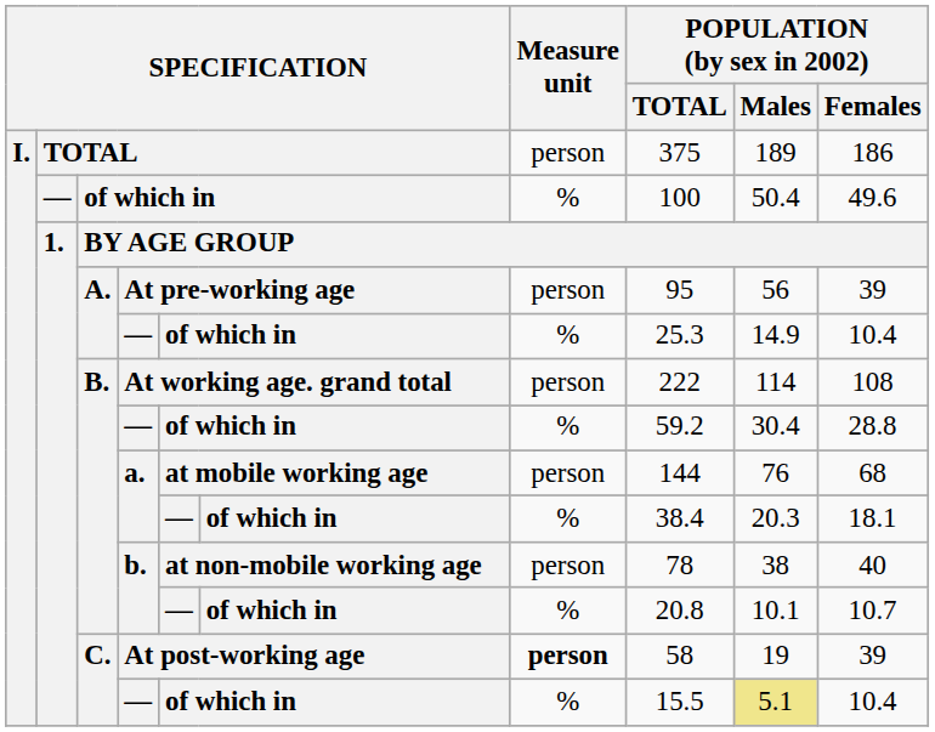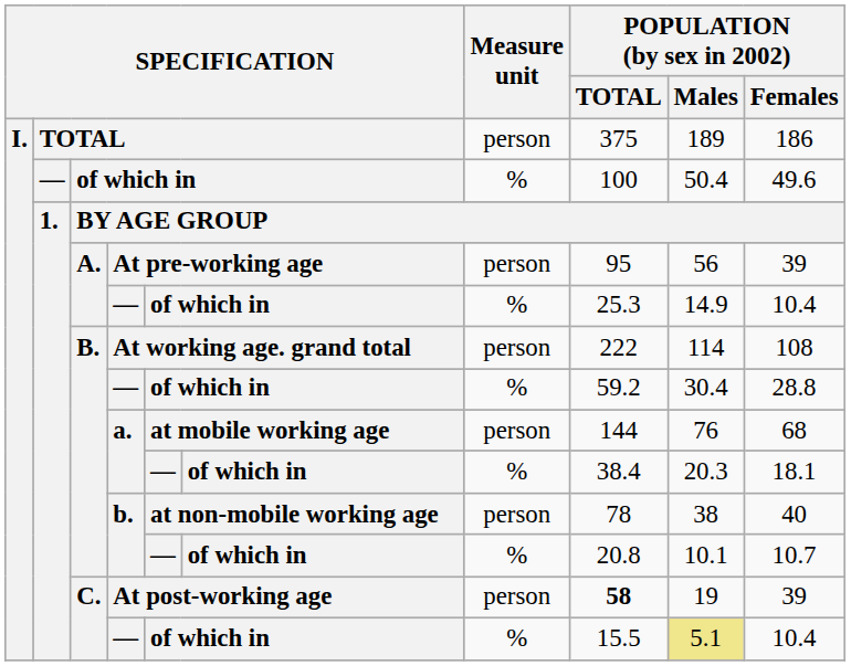 <table class="wikitable" style="font-size:85%; text-align:center">
 <tr>
 <th rowspan="2" colspan="6">SPECIFICATION</th>
 <th rowspan="2">Measure<br> unit</th>
 <th colspan="3" rowspan="1">POPULATION<br> (by sex in 2002)</th>
 </tr>
 <tr>
 <th>TOTAL</th>
 <th>Males</th>
 <th>Females</th>
 </tr>
 <tr>
 <th style="text-align:left" valign="top" rowspan="13">I.</th>
 <th style="text-align:left" colspan="5">TOTAL</th>
 <td>person</td>
 <td>375</td>
 <td>189</td>
 <td>186</td>
 </tr>
 <tr>
 <th style="text-align:left" valign="top">—</th>
 <th style="text-align:left" colspan="4">of which in</th>
 <td>%</td>
 <td>100</td>
 <td>50.4</td>
 <td>49.6</td>
 </tr>
 <tr>
 <th style="text-align:left" valign="top" rowspan="11">1.</th>
 <th style="text-align:left" colspan="19">BY AGE GROUP</th>
 </tr>
 <tr>
 <th style="text-align:left" valign="top" rowspan="2">A.</th>
 <th style="text-align:left" colspan="3">At pre-working age</th>
 <td>person</td>
 <td>95</td>
 <td>56</td>
 <td>39</td>
 </tr>
 <tr>
 <th style="text-align:left" valign="top">—</th>
 <th style="text-align:left" valign="top" colspan="2">of which in</th>
 <td>%</td>
 <td>25.3</td>
 <td>14.9</td>
 <td>10.4</td>
 </tr>
 <tr>
 <th style="text-align:left" valign="top" rowspan="6">B.</th>
 <th style="text-align:left" colspan="3">At working age. grand total</th>
 <td>person</td>
 <td>222</td>
 <td>114</td>
 <td>108</td>
 </tr>
 <tr>
 <th style="text-align:left" valign="top">—</th>
 <th style="text-align:left" valign="top" colspan="2">of which in</th>
 <td>%</td>
 <td>59.2</td>
 <td>30.4</td>
 <td>28.8</td>
 </tr>
 <tr>
 <th style="text-align:left" valign="top" rowspan="2">a.</th>
 <th style="text-align:left" colspan="2">at mobile working age</th>
 <td>person</td>
 <td>144</td>
 <td>76</td>
 <td>68</td>
 </tr>
 <tr>
 <th style="text-align:left" valign="top">—</th>
 <th style="text-align:left" valign="top" colspan="1">of which in                        </th>
 <td>%</td>
 <td>38.4</td>
 <td>20.3</td>
 <td>18.1</td>
 </tr>
 <tr>
 <th style="text-align:left" valign="top" rowspan="2">b.</th>
 <th style="text-align:left" colspan="2">at non-mobile working age</th>
 <td>person</td>
 <td>78</td>
 <td>38</td>
 <td>40</td>
 </tr>
 <tr>
 <th style="text-align:left" valign="top">—</th>
 <th style="text-align:left" valign="top" colspan="1">of which in                        </th>
 <td>%</td>
 <td>20.8</td>
 <td>10.1</td>
 <td>10.7</td>
 </tr>
 <tr>
 <th style="text-align:left" valign="top" rowspan="2">C.</th>
 <th style="text-align:left" colspan="3">At post-working age</th>
-<td><strong>person</strong></td>
-<td>58</td>
+<td>person</td>
+<td><strong>58</strong></td>
 <td>19</td>
 <td>39</td>
 </tr>
 <tr>
 <th style="text-align:left" valign="top">—</th>
 <th style="text-align:left" valign="top" colspan="2">of which in</th>
 <td>%</td>
 <td>15.5</td>
 <td style="background: khaki;">5.1</td>
 <td>10.4</td>
 </tr>
 </table>
